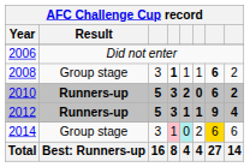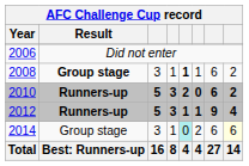 <table class="wikitable" style="text-align: center;">
 <tr>
 <th colspan=8><a href='#'>AFC Challenge Cup</a> record</th>
 </tr>
 <tr>
 <th>Year</th>
 <th>Result</th>
 <th></th>
 <th></th>
 <th></th>
 <th></th>
 <th></th>
 <th></th>
 </tr>
 <tr>
 </tr>
 <tr bgcolor=>
 <td> <a href='#'>2006</a></td>
 <td colspan=7><em>Did not enter</em></td>
 </tr>
 <tr bgcolor=>
 <td> <a href='#'>2008</a></td>
-<td>Group stage</td>
+<td><strong>Group stage</strong></td>
 <td>3</td>
+<td>1</td>
 <td><strong>1</strong></td>
 <td>1</td>
-<td>1</td>
-<td><strong>6</strong></td>
+<td>6</td>
 <td>2</td>
 </tr>
 <tr bgcolor=silver>
 <td> <a href='#'>2010</a></td>
 <td><strong>Runners-up</strong></td>
 <td><strong>5</strong></td>
 <td><strong>3</strong></td>
 <td><strong>2</strong></td>
 <td><strong>0</strong></td>
 <td><strong>6</strong></td>
 <td><strong>2</strong></td>
 </tr>
 <tr bgcolor=silver>
 <td> <a href='#'>2012</a></td>
 <td><strong>Runners-up</strong></td>
 <td><strong>5</strong></td>
 <td><strong>3</strong></td>
 <td><strong>1</strong></td>
 <td><strong>1</strong></td>
 <td><strong>9</strong></td>
 <td><strong>4</strong></td>
 </tr>
 <tr>
 <td> <a href='#'>2014</a></td>
 <td>Group stage</td>
 <td>3</td>
-<td style="background: pink;">1</td>
+<td>1</td>
 <td style="background: paleturquoise;">0</td>
 <td>2</td>
-<td style="background: gold;">6</td>
 <td>6</td>
+<td style="background: lightyellow;">6</td>
 </tr>
 <tr>
 <th><strong>Total</strong></th>
 <th><strong>Best: Runners-up</strong></th>
 <th>16</th>
 <th>8</th>
 <th>4</th>
 <th>4</th>
 <th>27</th>
 <th>14</th>
 </tr>
 </table>
